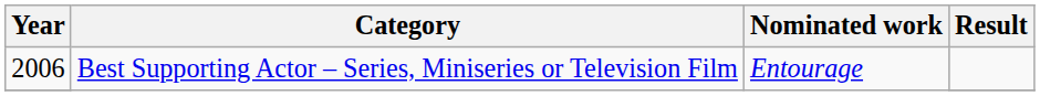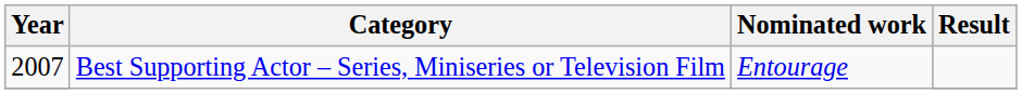 <table class="wikitable sortable">
 <tr>
 <th>Year</th>
 <th>Category</th>
 <th>Nominated work</th>
 <th>Result</th>
 </tr>
 <tr>
-<td>2006</td>
+<td>2007</td>
 <td rowspan=2><a href='#'>Best Supporting Actor – Series, Miniseries or Television Film</a></td>
 <td rowspan=2><em><a href='#'>Entourage</a></em></td>
 <td></td>
 </tr>
 <tr>
 </tr>
 </table>
